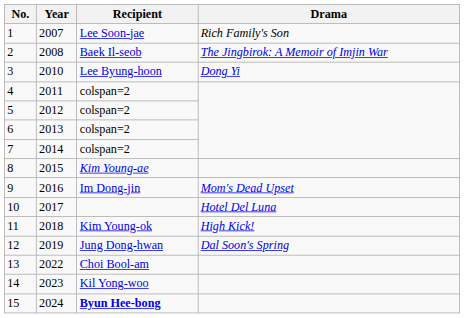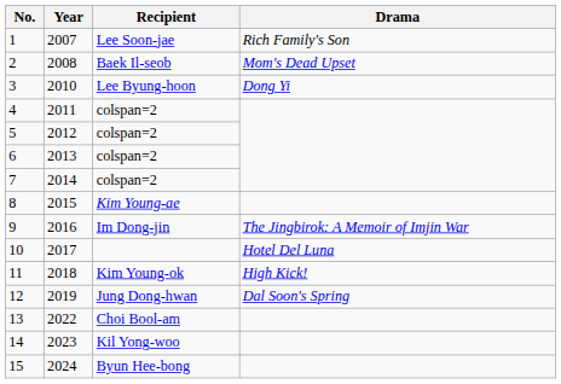 <table class="wikitable" style="width:600px">
 <tr>
 <th>No.</th>
 <th>Year</th>
 <th>Recipient</th>
 <th>Drama</th>
 </tr>
 <tr>
 <td>1</td>
 <td>2007</td>
 <td><a href='#'>Lee Soon-jae</a></td>
 <td><em>Rich Family's Son</em></td>
 </tr>
 <tr>
 <td>2</td>
 <td>2008</td>
 <td><a href='#'>Baek Il-seob</a></td>
-<td><em><a href='#'>The Jingbirok: A Memoir of Imjin War</a></em></td>
+<td><em><a href='#'>Mom's Dead Upset</a></em></td>
 </tr>
 <tr>
 <td>3</td>
 <td>2010</td>
 <td><a href='#'>Lee Byung-hoon</a></td>
 <td><em><a href='#'>Dong Yi</a></em></td>
 </tr>
 <tr>
 <td>4</td>
 <td>2011</td>
 <td>colspan=2 </td>
 </tr>
 <tr>
 <td>5</td>
 <td>2012</td>
 <td>colspan=2 </td>
 </tr>
 <tr>
 <td>6</td>
 <td>2013</td>
 <td>colspan=2 </td>
 </tr>
 <tr>
 <td>7</td>
 <td>2014</td>
 <td>colspan=2 </td>
 </tr>
 <tr>
 <td>8</td>
 <td>2015</td>
 <td><em><a href='#'>Kim Young-ae</a></em></td>
 <td></td>
 </tr>
 <tr>
 <td>9</td>
 <td>2016</td>
 <td><a href='#'>Im Dong-jin</a></td>
-<td><em><a href='#'>Mom's Dead Upset</a></em></td>
+<td><em><a href='#'>The Jingbirok: A Memoir of Imjin War</a></em></td>
 </tr>
 <tr>
 <td>10</td>
 <td>2017</td>
 <td></td>
 <td><em><a href='#'>Hotel Del Luna</a></em></td>
 </tr>
 <tr>
 <td>11</td>
 <td>2018</td>
 <td><a href='#'>Kim Young-ok</a></td>
 <td><em><a href='#'>High Kick!</a></em></td>
 </tr>
 <tr>
 <td>12</td>
 <td>2019</td>
 <td><a href='#'>Jung Dong-hwan</a></td>
 <td><em><a href='#'>Dal Soon's Spring</a></em></td>
 </tr>
 <tr>
 <td>13</td>
 <td>2022</td>
 <td><a href='#'>Choi Bool-am</a></td>
 <td></td>
 </tr>
 <tr>
 <td>14</td>
 <td>2023</td>
 <td><a href='#'>Kil Yong-woo</a></td>
 <td></td>
 </tr>
 <tr>
 <td>15</td>
 <td>2024</td>
-<td><strong><a href='#'>Byun Hee-bong</a></strong></td>
+<td><a href='#'>Byun Hee-bong</a></td>
 <td></td>
 </tr>
 </table>
